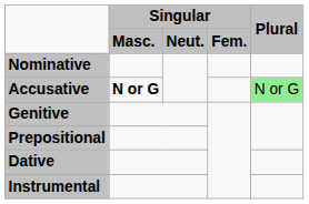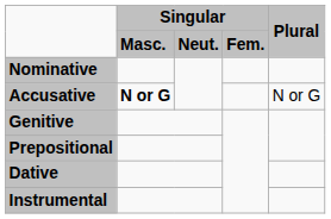 <table class="wikitable">
 <tr>
 <td rowspan=2></td>
 <td colspan="3" style="background:#C0C0C0" align="center"><strong>Singular</strong></td>
 <td rowspan="2" style="background:#C0C0C0" align="center" valign="center"><strong>Plural</strong></td>
 </tr>
 <tr>
 <td style="background:#C0C0C0"><strong>Masc.</strong></td>
 <td style="background:#C0C0C0"><strong>Neut.</strong></td>
 <td style="background:#C0C0C0"><strong>Fem.</strong></td>
 </tr>
 <tr>
 <td style="background:#C0C0C0"><strong>Nominative</strong></td>
 <td></td>
 <td rowspan="2"></td>
 <td></td>
 <td></td>
 </tr>
 <tr>
 <td style="background:#C0C0C0"><strong>Accusative</strong></td>
 <td><strong>N or G</strong></td>
 <td></td>
-<td style="background: lightgreen;">N or G</td>
+<td>N or G</td>
 </tr>
 <tr>
 <td style="background:#C0C0C0"><strong>Genitive</strong></td>
 <td colspan="2"></td>
 <td rowspan="4"></td>
 <td rowspan="2"></td>
 </tr>
 <tr>
 <td style="background:#C0C0C0"><strong>Prepositional</strong></td>
 <td colspan="2"></td>
 </tr>
 <tr>
 <td style="background:#C0C0C0"><strong>Dative</strong></td>
 <td colspan="2"></td>
 <td></td>
 </tr>
 <tr>
 <td style="background:#C0C0C0"><strong>Instrumental</strong></td>
 <td colspan="2"></td>
 <td></td>
 </tr>
 </table>
